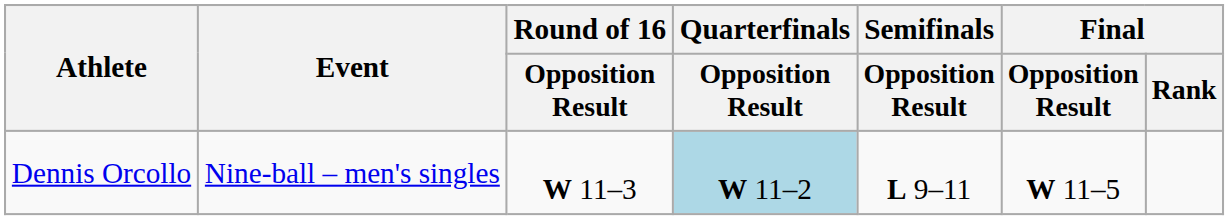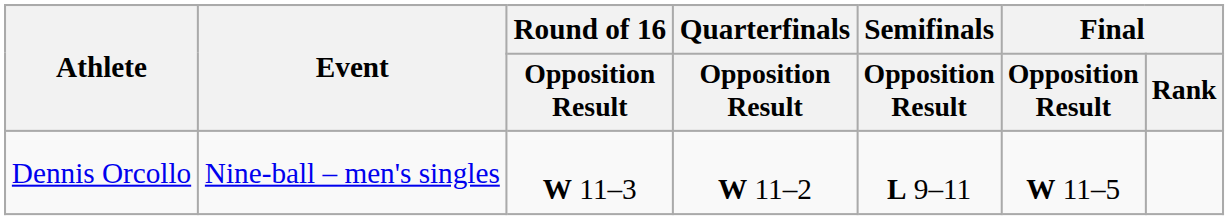 <table class="wikitable" style="font-size:90%">
 <tr>
 <th rowspan="2">Athlete</th>
 <th rowspan="2">Event</th>
 <th>Round of 16</th>
 <th>Quarterfinals</th>
 <th>Semifinals</th>
 <th colspan=2>Final</th>
 </tr>
 <tr style="font-size:95%">
 <th>Opposition<br>Result</th>
 <th>Opposition<br>Result</th>
 <th>Opposition<br>Result</th>
 <th>Opposition<br>Result</th>
 <th>Rank</th>
 </tr>
 <tr align=center>
 <td align=left><a href='#'>Dennis Orcollo</a></td>
 <td align=left><a href='#'>Nine-ball – men's singles</a></td>
 <td><br><strong>W</strong> 11–3</td>
-<td style="background: lightblue;"><br><strong>W</strong> 11–2</td>
+<td><br><strong>W</strong> 11–2</td>
 <td><br><strong>L</strong> 9–11</td>
 <td><br><strong>W</strong> 11–5</td>
 <td></td>
 </tr>
 </table>
